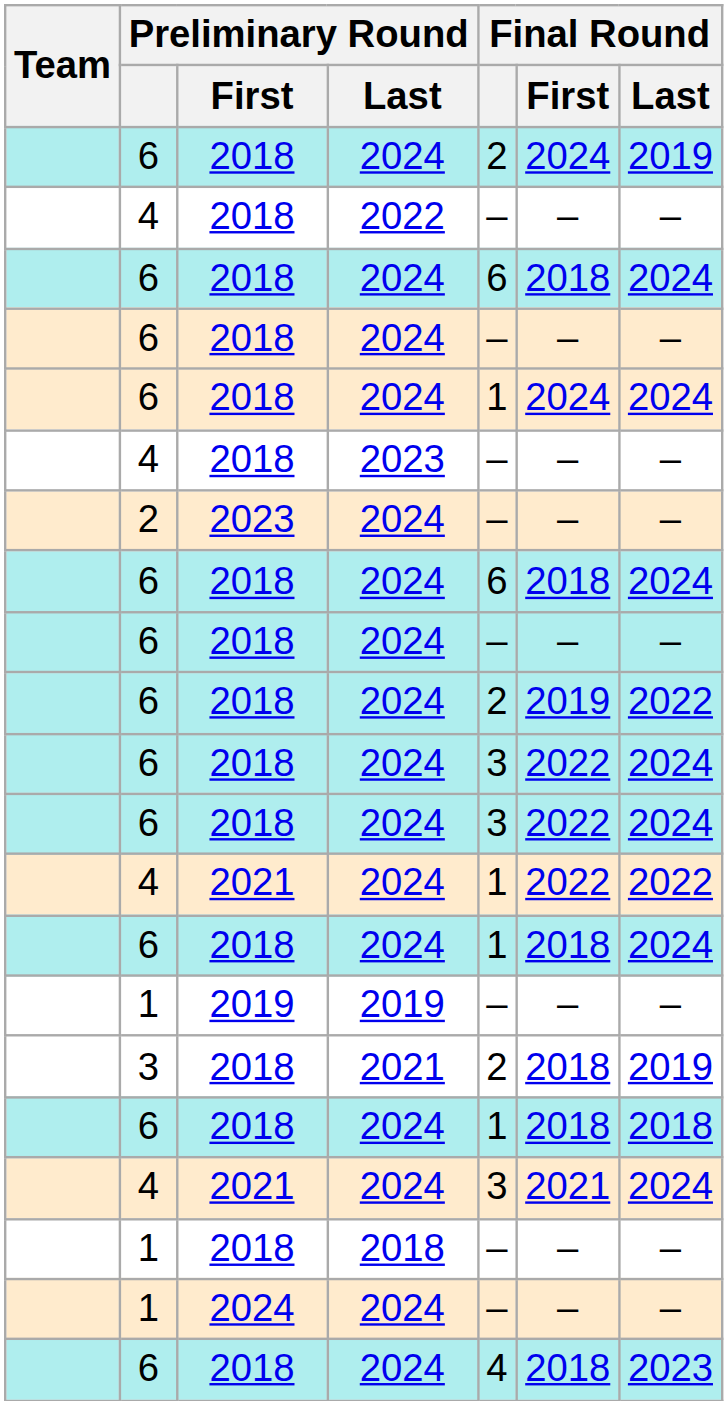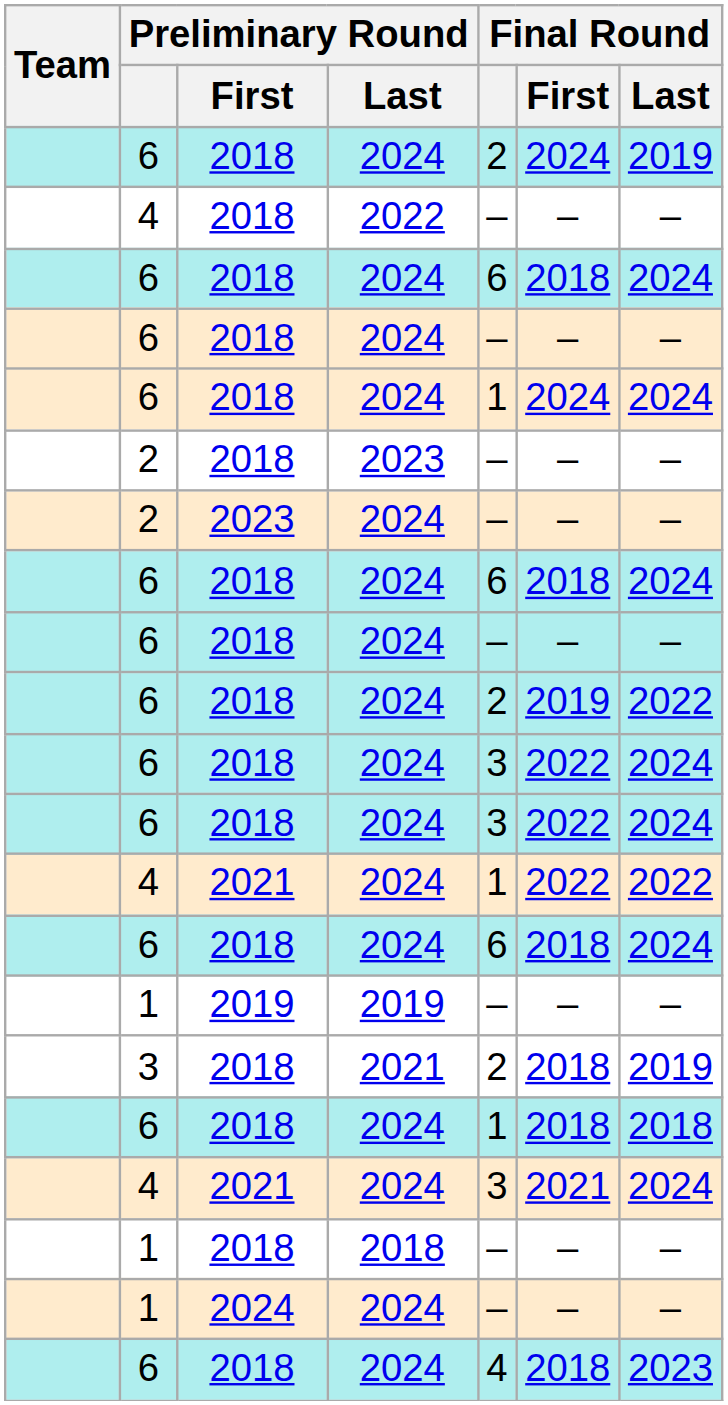 <table class="wikitable sortable" style="text-align:center">
 <tr>
 <th rowspan="2">Team</th>
 <th colspan="3">Preliminary Round</th>
 <th colspan="3">Final Round</th>
 </tr>
 <tr>
 <th></th>
 <th>First</th>
 <th>Last</th>
 <th></th>
 <th>First</th>
 <th>Last</th>
 </tr>
 <tr style="background:#afeeee;">
 <td align="left"></td>
 <td>6</td>
 <td><a href='#'>2018</a></td>
 <td><a href='#'>2024</a></td>
 <td>2</td>
 <td><a href='#'>2024</a></td>
 <td><a href='#'>2019</a></td>
 </tr>
 <tr style="background:#ffffff;">
 <td align="left"></td>
 <td>4</td>
 <td><a href='#'>2018</a></td>
 <td><a href='#'>2022</a></td>
 <td>–</td>
 <td>–</td>
 <td>–</td>
 </tr>
 <tr style="background:#afeeee;">
 <td align="left"></td>
 <td>6</td>
 <td><a href='#'>2018</a></td>
 <td><a href='#'>2024</a></td>
 <td>6</td>
 <td><a href='#'>2018</a></td>
 <td><a href='#'>2024</a></td>
 </tr>
 <tr style="background:#ffebcd;">
 <td align="left"></td>
 <td>6</td>
 <td><a href='#'>2018</a></td>
 <td><a href='#'>2024</a></td>
 <td>–</td>
 <td>–</td>
 <td>–</td>
 </tr>
 <tr style="background:#ffebcd;">
 <td align="left"></td>
 <td>6</td>
 <td><a href='#'>2018</a></td>
 <td><a href='#'>2024</a></td>
 <td>1</td>
 <td><a href='#'>2024</a></td>
 <td><a href='#'>2024</a></td>
 </tr>
 <tr style="background:#ffffff;">
 <td align="left"></td>
-<td>4</td>
+<td>2</td>
 <td><a href='#'>2018</a></td>
 <td><a href='#'>2023</a></td>
 <td>–</td>
 <td>–</td>
 <td>–</td>
 </tr>
 <tr style="background:#ffebcd;">
 <td align="left"></td>
 <td>2</td>
 <td><a href='#'>2023</a></td>
 <td><a href='#'>2024</a></td>
 <td>–</td>
 <td>–</td>
 <td>–</td>
 </tr>
 <tr style="background:#afeeee;">
 <td align="left"></td>
 <td>6</td>
 <td><a href='#'>2018</a></td>
 <td><a href='#'>2024</a></td>
 <td>6</td>
 <td><a href='#'>2018</a></td>
 <td><a href='#'>2024</a></td>
 </tr>
 <tr style="background:#afeeee;">
 <td align="left"></td>
 <td>6</td>
 <td><a href='#'>2018</a></td>
 <td><a href='#'>2024</a></td>
 <td>–</td>
 <td>–</td>
 <td>–</td>
 </tr>
 <tr style="background:#afeeee;">
 <td align="left"></td>
 <td>6</td>
 <td><a href='#'>2018</a></td>
 <td><a href='#'>2024</a></td>
 <td>2</td>
 <td><a href='#'>2019</a></td>
 <td><a href='#'>2022</a></td>
 </tr>
 <tr style="background:#afeeee;">
 <td align="left"></td>
 <td>6</td>
 <td><a href='#'>2018</a></td>
 <td><a href='#'>2024</a></td>
 <td>3</td>
 <td><a href='#'>2022</a></td>
 <td><a href='#'>2024</a></td>
 </tr>
 <tr style="background:#afeeee;">
 <td align="left"></td>
 <td>6</td>
 <td><a href='#'>2018</a></td>
 <td><a href='#'>2024</a></td>
 <td>3</td>
 <td><a href='#'>2022</a></td>
 <td><a href='#'>2024</a></td>
 </tr>
 <tr style="background:#ffebcd;">
 <td align="left"></td>
 <td>4</td>
 <td><a href='#'>2021</a></td>
 <td><a href='#'>2024</a></td>
 <td>1</td>
 <td><a href='#'>2022</a></td>
 <td><a href='#'>2022</a></td>
 </tr>
 <tr style="background:#afeeee;">
 <td align="left"></td>
 <td>6</td>
 <td><a href='#'>2018</a></td>
 <td><a href='#'>2024</a></td>
-<td>1</td>
+<td>6</td>
 <td><a href='#'>2018</a></td>
 <td><a href='#'>2024</a></td>
 </tr>
 <tr style="background:#ffffff;">
 <td align="left"></td>
 <td>1</td>
 <td><a href='#'>2019</a></td>
 <td><a href='#'>2019</a></td>
 <td>–</td>
 <td>–</td>
 <td>–</td>
 </tr>
 <tr style="background:#ffffff;">
 <td align="left"></td>
 <td>3</td>
 <td><a href='#'>2018</a></td>
 <td><a href='#'>2021</a></td>
 <td>2</td>
 <td><a href='#'>2018</a></td>
 <td><a href='#'>2019</a></td>
 </tr>
 <tr style="background:#afeeee;">
 <td align="left"></td>
 <td>6</td>
 <td><a href='#'>2018</a></td>
 <td><a href='#'>2024</a></td>
 <td>1</td>
 <td><a href='#'>2018</a></td>
 <td><a href='#'>2018</a></td>
 </tr>
 <tr style="background:#ffebcd;">
 <td align="left"></td>
 <td>4</td>
 <td><a href='#'>2021</a></td>
 <td><a href='#'>2024</a></td>
 <td>3</td>
 <td><a href='#'>2021</a></td>
 <td><a href='#'>2024</a></td>
 </tr>
 <tr style="background:#ffffff;">
 <td align="left"></td>
 <td>1</td>
 <td><a href='#'>2018</a></td>
 <td><a href='#'>2018</a></td>
 <td>–</td>
 <td>–</td>
 <td>–</td>
 </tr>
 <tr style="background:#ffebcd;">
 <td align="left"></td>
 <td>1</td>
 <td><a href='#'>2024</a></td>
 <td><a href='#'>2024</a></td>
 <td>–</td>
 <td>–</td>
 <td>–</td>
 </tr>
 <tr style="background:#afeeee;">
 <td align="left"></td>
 <td>6</td>
 <td><a href='#'>2018</a></td>
 <td><a href='#'>2024</a></td>
 <td>4</td>
 <td><a href='#'>2018</a></td>
 <td><a href='#'>2023</a></td>
 </tr>
 </table>
